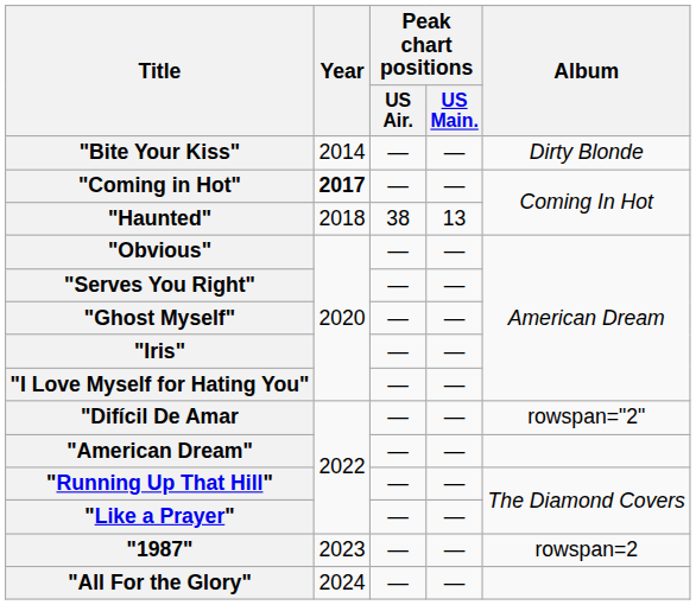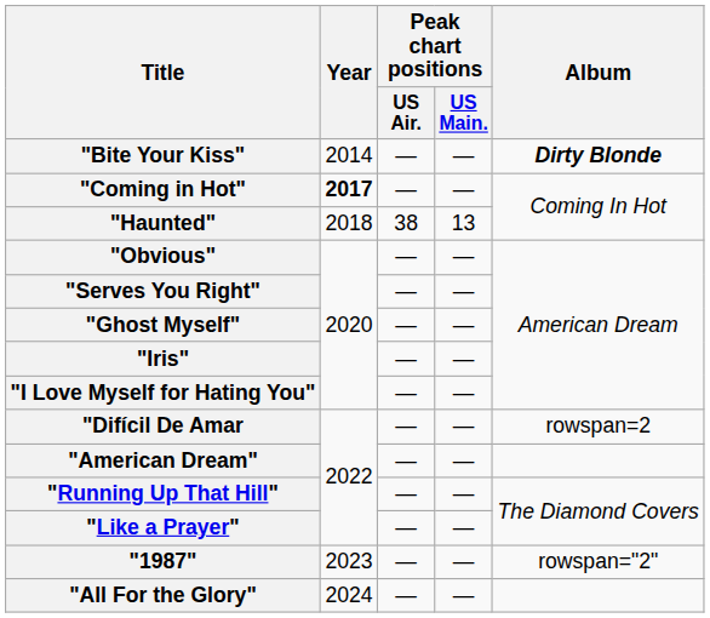 <table class="wikitable plainrowheaders" style="text-align:center">
 <tr>
 <th scope="col" rowspan="2">Title</th>
 <th scope="col" rowspan="2">Year</th>
 <th scope="col" colspan="2">Peak chart positions</th>
 <th scope="col" rowspan="2">Album</th>
 </tr>
 <tr>
 <th scope="col" style="width:2.5em;font-size:90%;">US<br>Air.<br></th>
 <th scope="col" style="width:2.5em;font-size:90%;"><a href='#'>US<br>Main.</a><br></th>
 </tr>
 <tr>
 <th scope="row">"Bite Your Kiss"</th>
 <td>2014</td>
 <td>—</td>
 <td>—</td>
-<td><em>Dirty Blonde</em></td>
+<td><strong><em>Dirty Blonde</em></strong></td>
 </tr>
 <tr>
 <th scope="row">"Coming in Hot"</th>
 <td><strong>2017</strong></td>
 <td>—</td>
 <td>—</td>
 <td rowspan="2"><em>Coming In Hot</em></td>
 </tr>
 <tr>
 <th scope="row">"Haunted"</th>
 <td>2018</td>
 <td>38</td>
 <td>13</td>
 </tr>
 <tr>
 <th scope="row">"Obvious"</th>
 <td rowspan="5">2020</td>
 <td>—</td>
 <td>—</td>
 <td rowspan="5"><em>American Dream</em></td>
 </tr>
 <tr>
 <th scope="row">"Serves You Right"</th>
 <td>—</td>
 <td>—</td>
 </tr>
 <tr>
 <th scope="row">"Ghost Myself"</th>
 <td>—</td>
 <td>—</td>
 </tr>
 <tr>
 <th scope="row">"Iris"<br> </th>
 <td>—</td>
 <td>—</td>
 </tr>
 <tr>
 <th scope="row">"I Love Myself for Hating You"</th>
 <td>—</td>
 <td>—</td>
 </tr>
 <tr>
 <th scope="row">"Difícil De Amar</th>
 <td rowspan=4>2022</td>
 <td>—</td>
 <td>—</td>
-<td>rowspan="2" </td>
+<td>rowspan=2 </td>
 </tr>
 <tr>
 <th scope="row">"American Dream"<br> </th>
 <td>—</td>
 <td>—</td>
 </tr>
 <tr>
 <th scope="row">"<a href='#'>Running Up That Hill</a>"</th>
 <td>—</td>
 <td>—</td>
 <td rowspan=2><em>The Diamond Covers</em></td>
 </tr>
 <tr>
 <th scope="row">"<a href='#'>Like a Prayer</a>"</th>
 <td>—</td>
 <td>—</td>
 </tr>
 <tr>
 <th scope="row">"1987"</th>
 <td>2023</td>
 <td>—</td>
 <td>—</td>
-<td>rowspan=2 </td>
+<td>rowspan="2" </td>
 </tr>
 <tr>
 <th scope="row">"All For the Glory"</th>
 <td>2024</td>
 <td>—</td>
 <td>—</td>
 </tr>
 </table>
